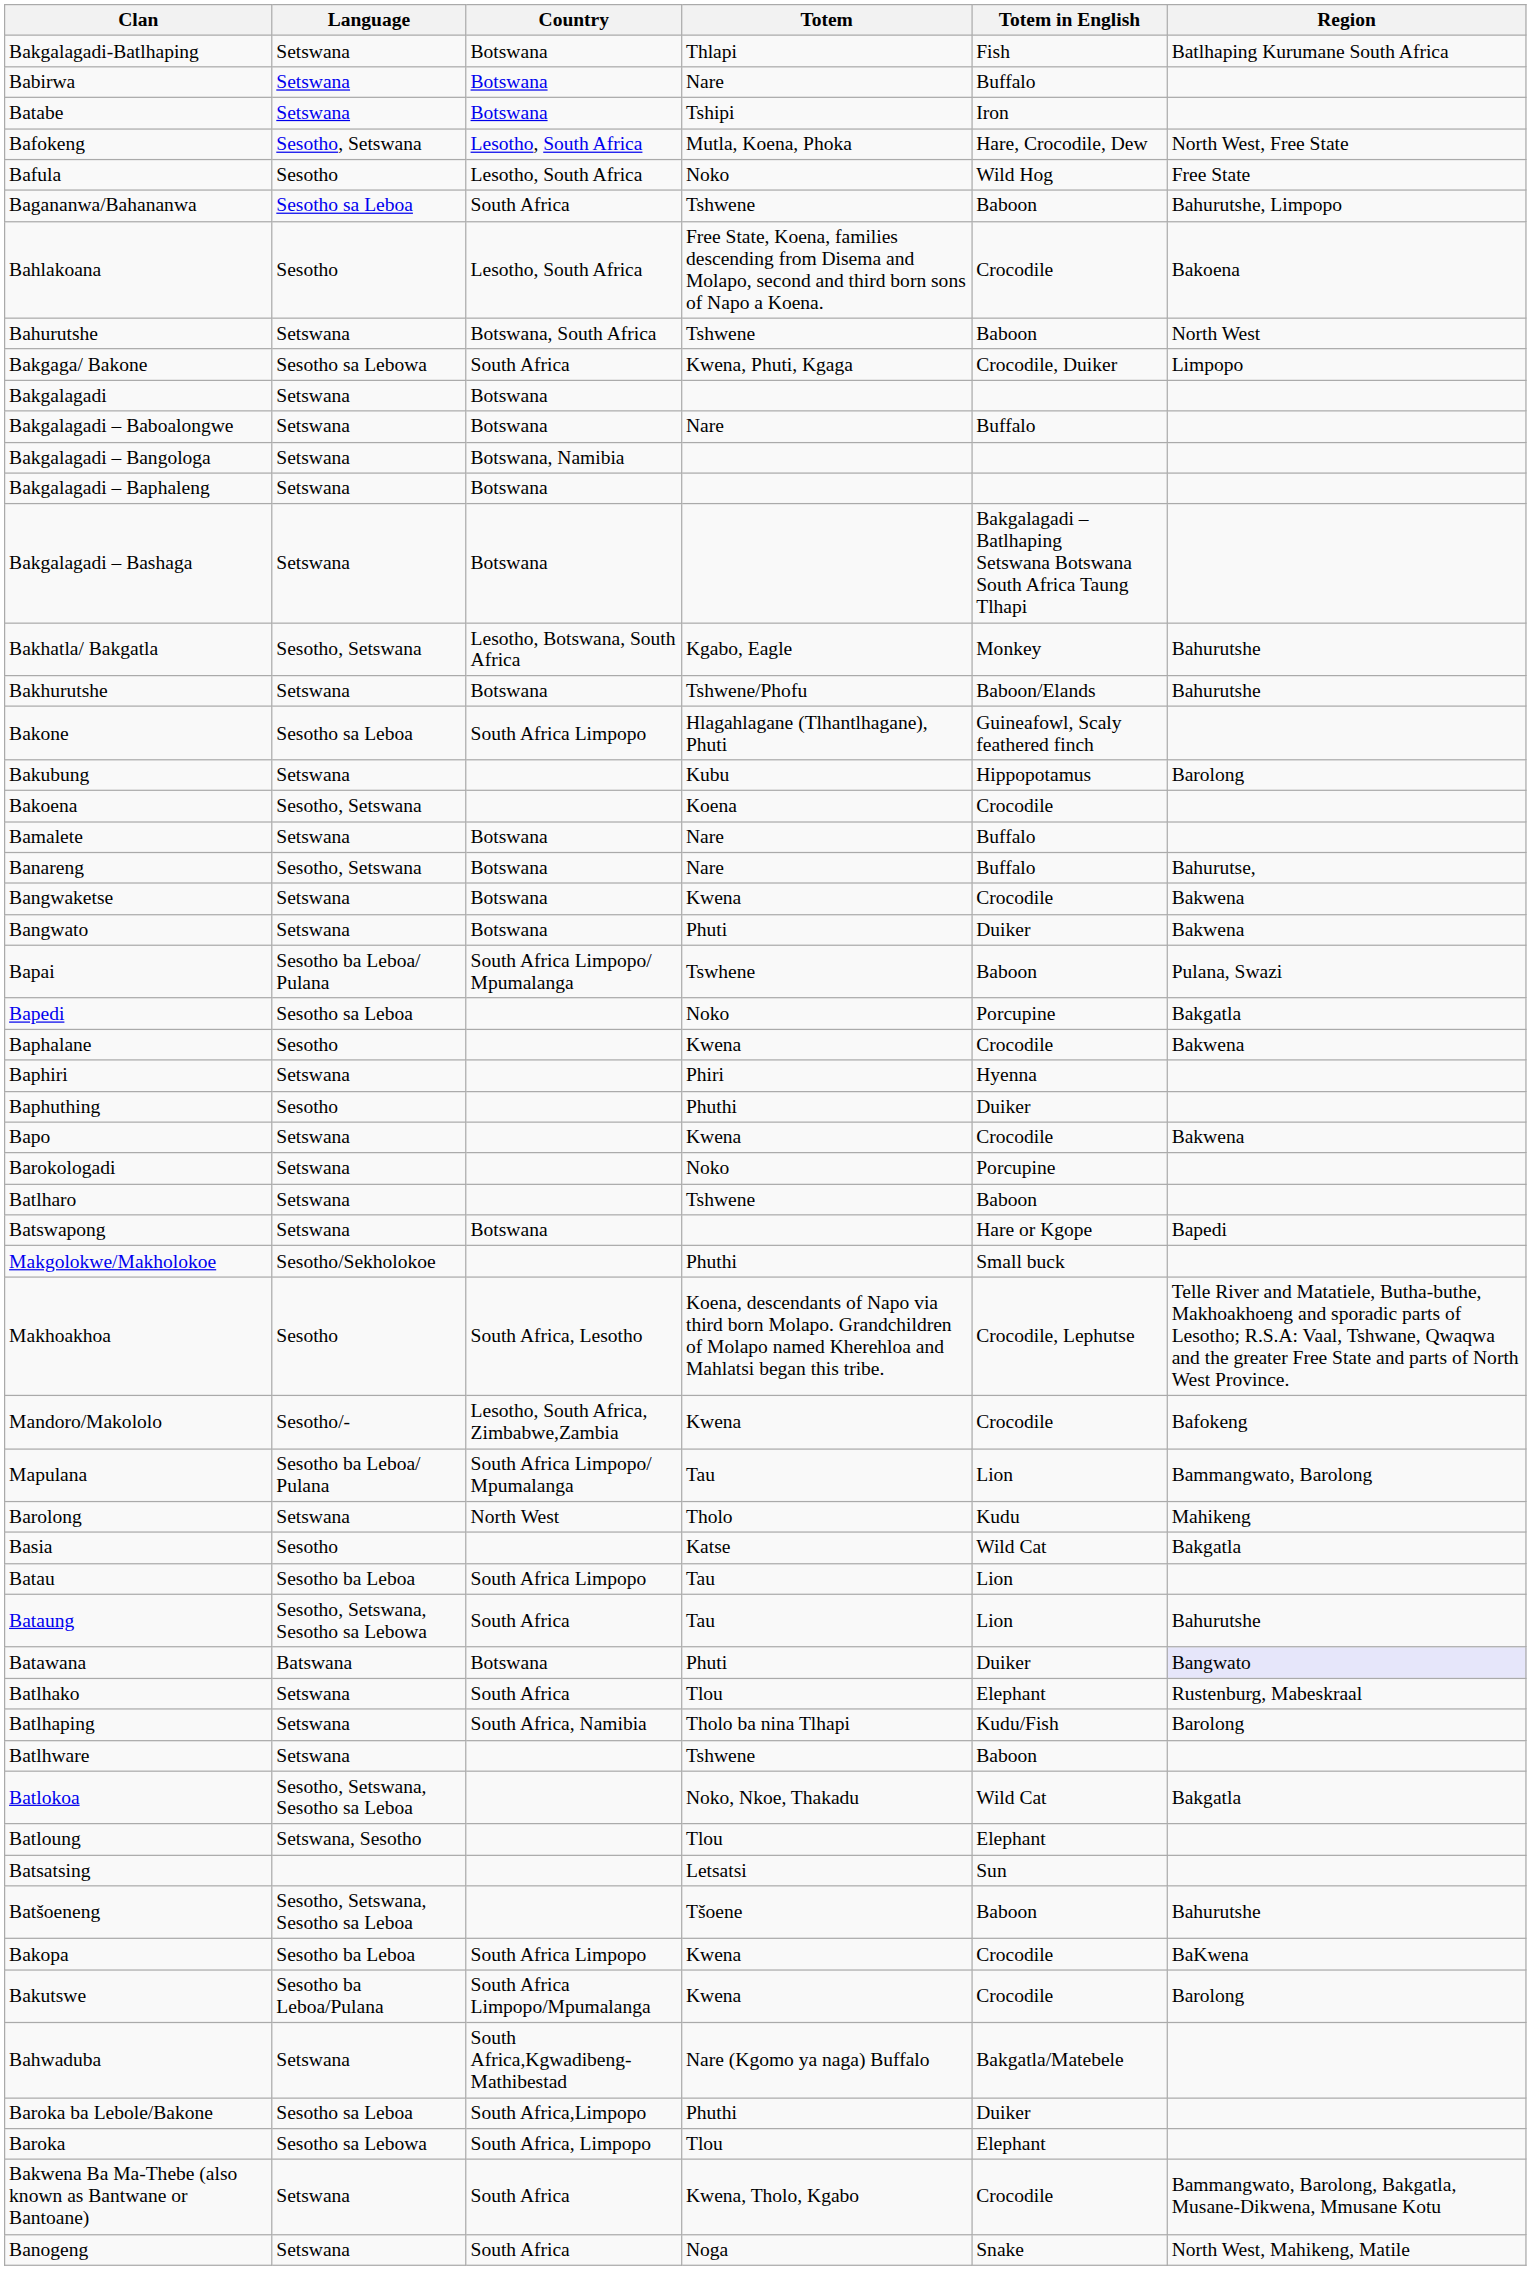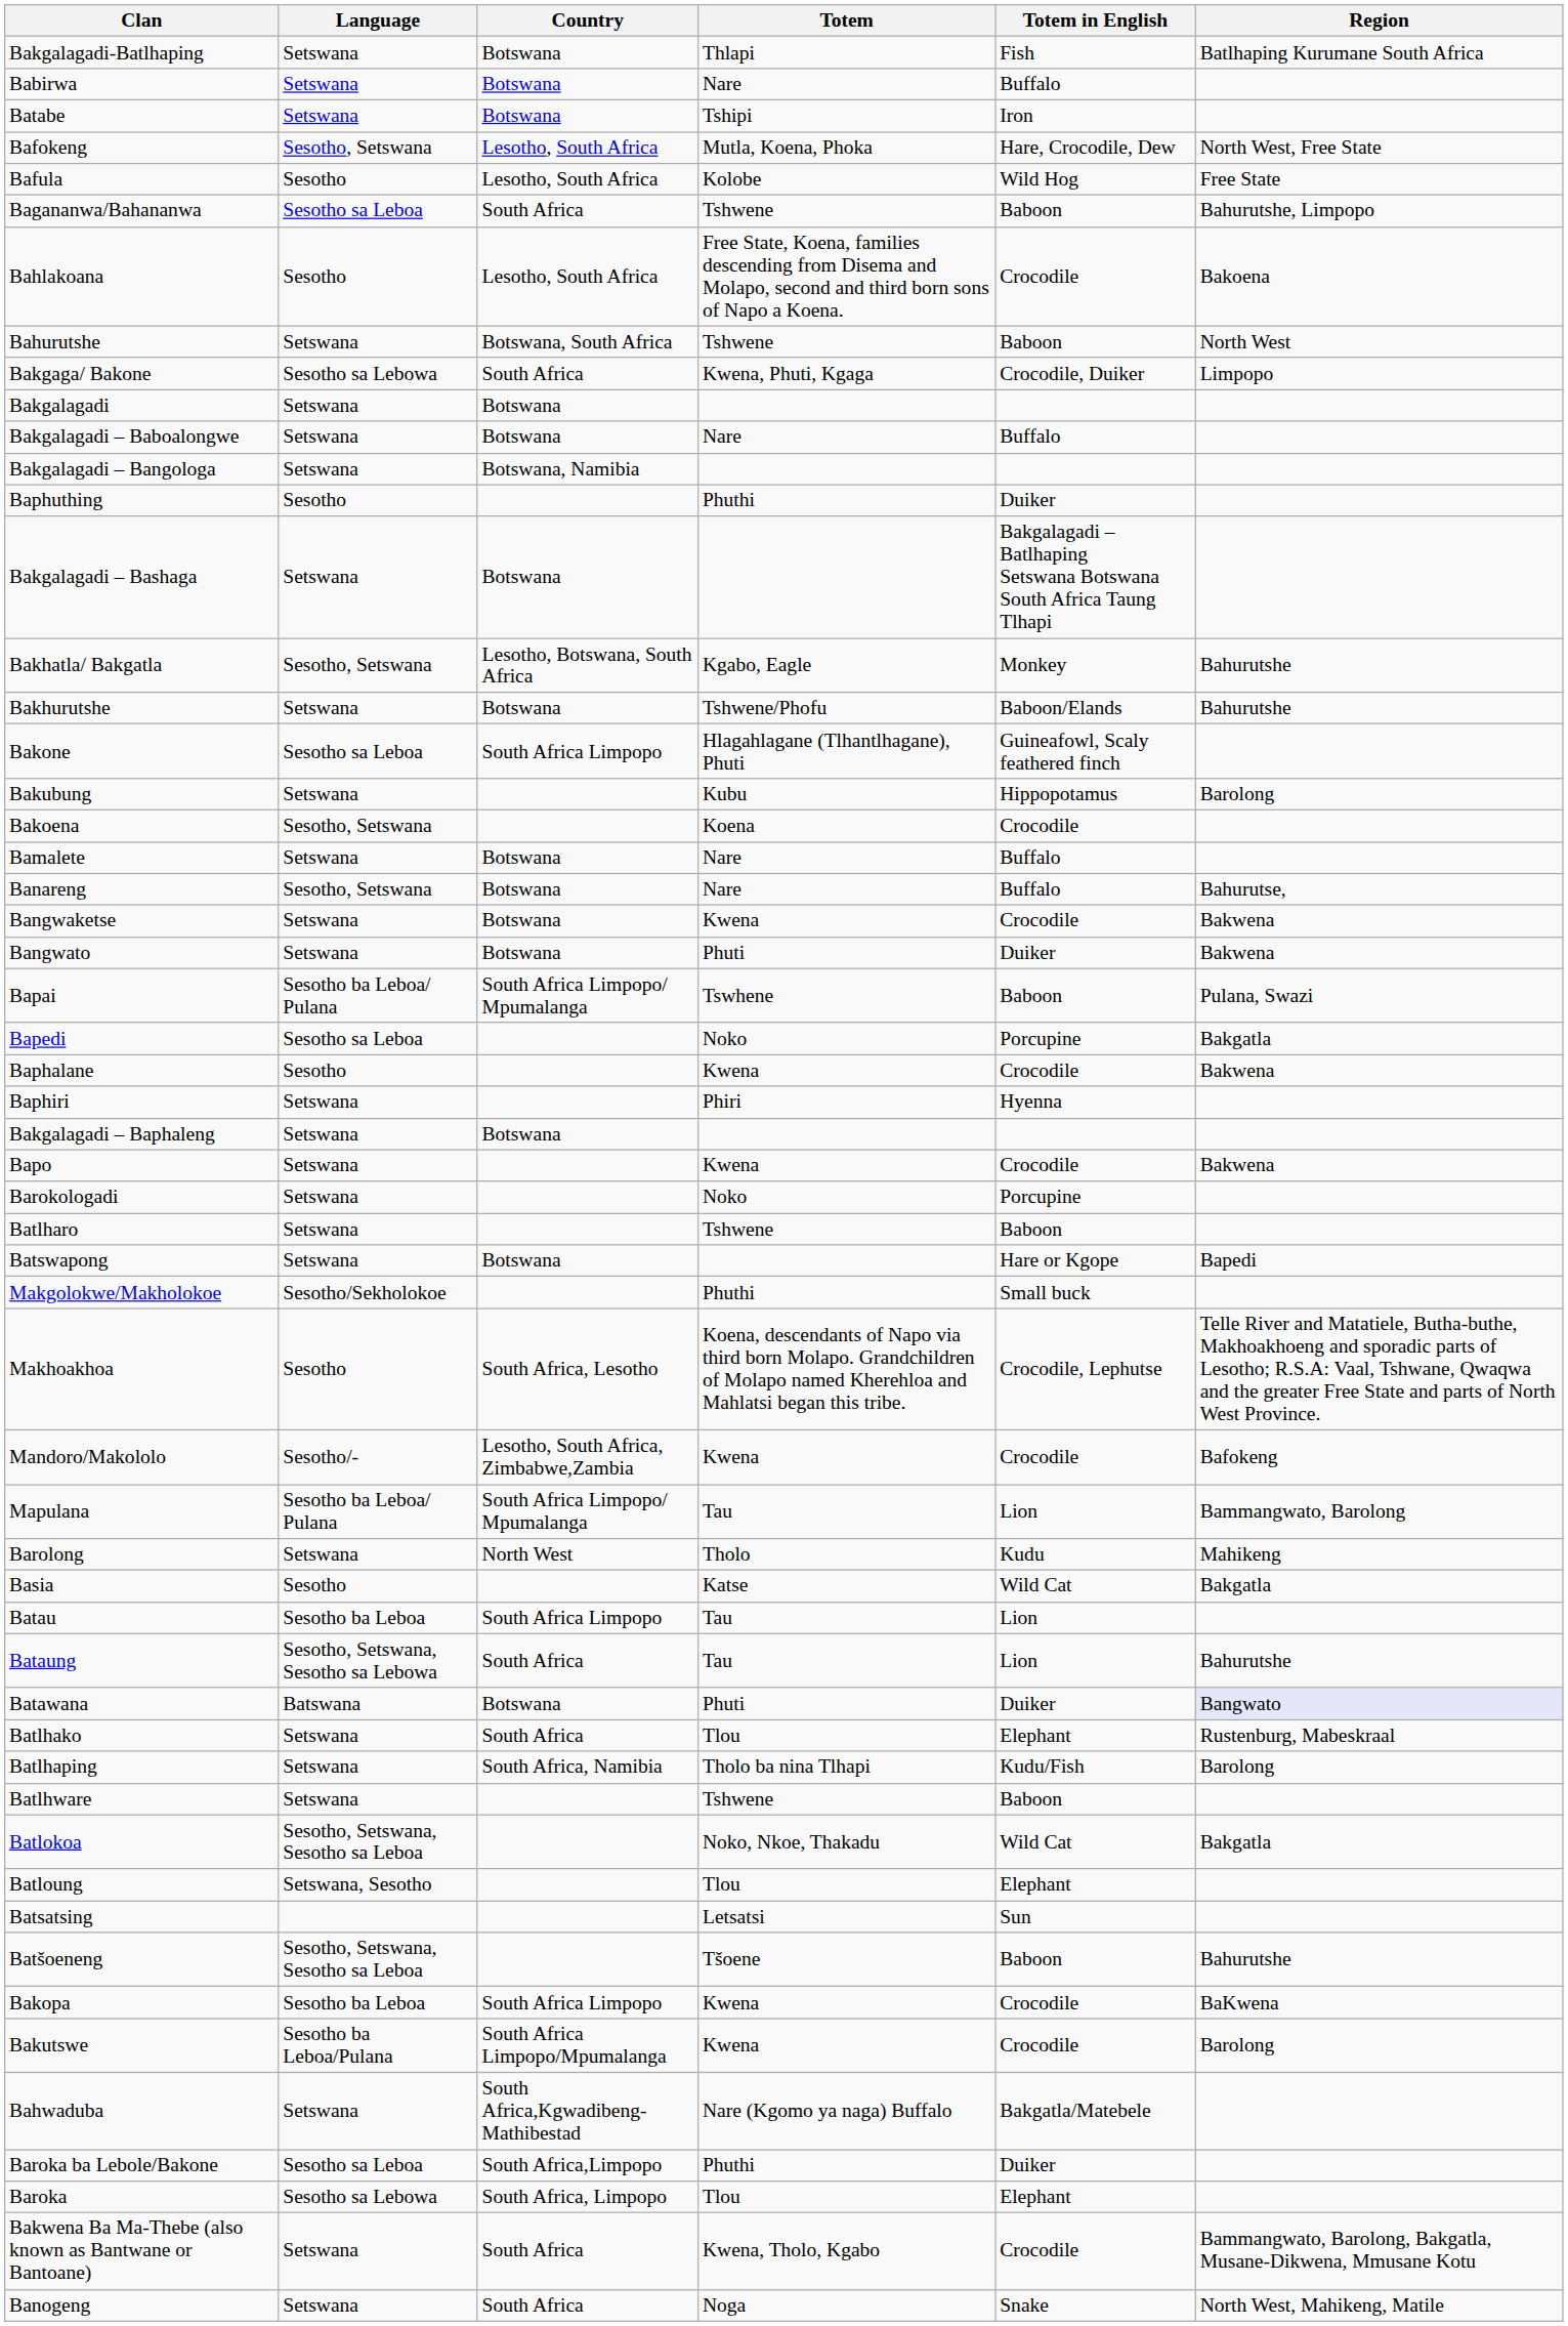 <table class="wikitable sortable" border="1">
 <tr>
 <th>Clan</th>
 <th>Language</th>
 <th>Country</th>
 <th>Totem</th>
 <th>Totem in English</th>
 <th>Region</th>
 </tr>
 <tr>
 <td>Bakgalagadi-Batlhaping</td>
 <td>Setswana</td>
 <td>Botswana</td>
 <td>Thlapi</td>
 <td>Fish</td>
 <td>Batlhaping Kurumane South Africa</td>
 </tr>
 <tr>
 <td>Babirwa</td>
 <td><a href='#'>Setswana</a></td>
 <td><a href='#'>Botswana</a></td>
 <td>Nare</td>
 <td>Buffalo</td>
 <td></td>
 </tr>
 <tr>
 <td>Batabe</td>
 <td><a href='#'>Setswana</a></td>
 <td><a href='#'>Botswana</a></td>
 <td>Tshipi</td>
 <td>Iron</td>
 <td></td>
 </tr>
 <tr>
 <td>Bafokeng</td>
 <td><a href='#'>Sesotho</a>, Setswana</td>
 <td><a href='#'>Lesotho</a>, <a href='#'>South Africa</a></td>
 <td>Mutla, Koena, Phoka</td>
 <td>Hare, Crocodile, Dew</td>
 <td>North West, Free State</td>
 </tr>
 <tr>
 <td>Bafula</td>
 <td>Sesotho</td>
 <td>Lesotho, South Africa</td>
-<td>Noko</td>
+<td>Kolobe</td>
 <td>Wild Hog</td>
 <td>Free State</td>
 </tr>
 <tr>
 <td>Bagananwa/Bahananwa</td>
 <td><a href='#'>Sesotho sa Leboa</a></td>
 <td>South Africa</td>
 <td>Tshwene</td>
 <td>Baboon</td>
 <td>Bahurutshe, Limpopo</td>
 </tr>
 <tr>
 <td>Bahlakoana</td>
 <td>Sesotho</td>
 <td>Lesotho, South Africa</td>
 <td>Free State, Koena, families descending from Disema and Molapo, second and third born sons of Napo a Koena.</td>
 <td>Crocodile</td>
 <td>Bakoena</td>
 </tr>
 <tr>
 <td>Bahurutshe</td>
 <td>Setswana</td>
 <td>Botswana, South Africa</td>
 <td>Tshwene</td>
 <td>Baboon</td>
 <td>North West</td>
 </tr>
 <tr>
 <td>Bakgaga/ Bakone</td>
 <td>Sesotho sa Lebowa</td>
 <td>South Africa</td>
 <td>Kwena, Phuti, Kgaga</td>
 <td>Crocodile, Duiker</td>
 <td>Limpopo</td>
 </tr>
 <tr>
 <td>Bakgalagadi</td>
 <td>Setswana</td>
 <td>Botswana</td>
 <td></td>
 <td></td>
 <td></td>
 </tr>
 <tr>
 <td>Bakgalagadi – Baboalongwe</td>
 <td>Setswana</td>
 <td>Botswana</td>
 <td>Nare</td>
 <td>Buffalo</td>
 <td></td>
 </tr>
 <tr>
 <td>Bakgalagadi – Bangologa</td>
 <td>Setswana</td>
 <td>Botswana, Namibia</td>
 <td></td>
 <td></td>
 <td></td>
 </tr>
 <tr>
-<td>Bakgalagadi – Baphaleng</td>
-<td>Setswana</td>
-<td>Botswana</td>
+<td>Baphuthing</td>
+<td>Sesotho</td>
 <td></td>
-<td></td>
+<td>Phuthi</td>
+<td>Duiker</td>
 <td></td>
 </tr>
 <tr>
 <td>Bakgalagadi – Bashaga</td>
 <td>Setswana</td>
 <td>Botswana</td>
 <td></td>
 <td>Bakgalagadi – Batlhaping<br>Setswana Botswana  South Africa Taung  Tlhapi</td>
 <td></td>
 </tr>
 <tr>
 <td>Bakhatla/ Bakgatla</td>
 <td>Sesotho, Setswana</td>
 <td>Lesotho, Botswana, South Africa</td>
 <td>Kgabo, Eagle</td>
 <td>Monkey</td>
 <td>Bahurutshe</td>
 </tr>
 <tr>
 <td>Bakhurutshe</td>
 <td>Setswana</td>
 <td>Botswana</td>
 <td>Tshwene/Phofu</td>
 <td>Baboon/Elands</td>
 <td>Bahurutshe</td>
 </tr>
 <tr>
 <td>Bakone</td>
 <td>Sesotho sa Leboa</td>
 <td>South Africa Limpopo</td>
 <td>Hlagahlagane (Tlhantlhagane), Phuti</td>
 <td>Guineafowl, Scaly feathered finch</td>
 <td></td>
 </tr>
 <tr>
 <td>Bakubung</td>
 <td>Setswana</td>
 <td></td>
 <td>Kubu</td>
 <td>Hippopotamus</td>
 <td>Barolong</td>
 </tr>
 <tr>
 <td>Bakoena</td>
 <td>Sesotho, Setswana</td>
 <td></td>
 <td>Koena</td>
 <td>Crocodile</td>
 <td></td>
 </tr>
 <tr>
 <td>Bamalete</td>
 <td>Setswana</td>
 <td>Botswana</td>
 <td>Nare</td>
 <td>Buffalo</td>
 <td></td>
 </tr>
 <tr>
 <td>Banareng</td>
 <td>Sesotho, Setswana</td>
 <td>Botswana</td>
 <td>Nare</td>
 <td>Buffalo</td>
 <td>Bahurutse,</td>
 </tr>
 <tr>
 <td>Bangwaketse</td>
 <td>Setswana</td>
 <td>Botswana</td>
 <td>Kwena</td>
 <td>Crocodile</td>
 <td>Bakwena</td>
 </tr>
 <tr>
 <td>Bangwato</td>
 <td>Setswana</td>
 <td>Botswana</td>
 <td>Phuti</td>
 <td>Duiker</td>
 <td>Bakwena</td>
 </tr>
 <tr>
 <td>Bapai</td>
 <td>Sesotho ba Leboa/ Pulana</td>
 <td>South Africa Limpopo/ Mpumalanga</td>
 <td>Tswhene</td>
 <td>Baboon</td>
 <td>Pulana, Swazi</td>
 </tr>
 <tr>
 <td><a href='#'>Bapedi</a></td>
 <td>Sesotho sa Leboa</td>
 <td></td>
 <td>Noko</td>
 <td>Porcupine</td>
 <td>Bakgatla</td>
 </tr>
 <tr>
 <td>Baphalane</td>
 <td>Sesotho</td>
 <td></td>
 <td>Kwena</td>
 <td>Crocodile</td>
 <td>Bakwena</td>
 </tr>
 <tr>
 <td>Baphiri</td>
 <td>Setswana</td>
 <td></td>
 <td>Phiri</td>
 <td>Hyenna</td>
 <td></td>
 </tr>
 <tr>
-<td>Baphuthing</td>
-<td>Sesotho</td>
+<td>Bakgalagadi – Baphaleng</td>
+<td>Setswana</td>
+<td>Botswana</td>
 <td></td>
-<td>Phuthi</td>
-<td>Duiker</td>
+<td></td>
 <td></td>
 </tr>
 <tr>
 <td>Bapo</td>
 <td>Setswana</td>
 <td></td>
 <td>Kwena</td>
 <td>Crocodile</td>
 <td>Bakwena</td>
 </tr>
 <tr>
 <td>Barokologadi</td>
 <td>Setswana</td>
 <td></td>
 <td>Noko</td>
 <td>Porcupine</td>
 <td></td>
 </tr>
 <tr>
 <td>Batlharo</td>
 <td>Setswana</td>
 <td></td>
 <td>Tshwene</td>
 <td>Baboon</td>
 <td></td>
 </tr>
 <tr>
 <td>Batswapong</td>
 <td>Setswana</td>
 <td>Botswana</td>
 <td></td>
 <td>Hare or Kgope</td>
 <td>Bapedi</td>
 </tr>
 <tr>
 <td><a href='#'>Makgolokwe/Makholokoe</a></td>
 <td>Sesotho/Sekholokoe</td>
 <td></td>
 <td>Phuthi</td>
 <td>Small buck</td>
 <td></td>
 </tr>
 <tr>
 <td>Makhoakhoa</td>
 <td>Sesotho</td>
 <td>South Africa, Lesotho</td>
 <td>Koena, descendants of Napo via third born Molapo. Grandchildren of Molapo named Kherehloa and Mahlatsi began this tribe.</td>
 <td>Crocodile, Lephutse</td>
 <td>Telle River and Matatiele, Butha-buthe, Makhoakhoeng and sporadic parts of Lesotho; R.S.A: Vaal, Tshwane, Qwaqwa and the greater Free State and parts of North West Province.</td>
 </tr>
 <tr>
 <td>Mandoro/Makololo</td>
 <td>Sesotho/-</td>
 <td>Lesotho, South Africa, Zimbabwe,Zambia</td>
 <td>Kwena</td>
 <td>Crocodile</td>
 <td>Bafokeng</td>
 </tr>
 <tr>
 <td>Mapulana</td>
 <td>Sesotho ba Leboa/ Pulana</td>
 <td>South Africa Limpopo/ Mpumalanga</td>
 <td>Tau</td>
 <td>Lion</td>
 <td>Bammangwato, Barolong</td>
 </tr>
 <tr>
 <td>Barolong</td>
 <td>Setswana</td>
 <td>North West</td>
 <td>Tholo</td>
 <td>Kudu</td>
 <td>Mahikeng</td>
 </tr>
 <tr>
 <td>Basia</td>
 <td>Sesotho</td>
 <td></td>
 <td>Katse</td>
 <td>Wild Cat</td>
 <td>Bakgatla</td>
 </tr>
 <tr>
 <td>Batau</td>
 <td>Sesotho ba Leboa</td>
 <td>South Africa Limpopo</td>
 <td>Tau</td>
 <td>Lion</td>
 <td></td>
 </tr>
 <tr>
 <td><a href='#'>Bataung</a></td>
 <td>Sesotho, Setswana, Sesotho sa Lebowa</td>
 <td>South Africa</td>
 <td>Tau</td>
 <td>Lion</td>
 <td>Bahurutshe</td>
 </tr>
 <tr>
 <td>Batawana</td>
 <td>Batswana</td>
 <td>Botswana</td>
 <td>Phuti</td>
 <td>Duiker</td>
 <td style="background: lavender;">Bangwato</td>
 </tr>
 <tr>
 <td>Batlhako</td>
 <td>Setswana</td>
 <td>South Africa</td>
 <td>Tlou</td>
 <td>Elephant</td>
 <td>Rustenburg, Mabeskraal</td>
 </tr>
 <tr>
 <td>Batlhaping</td>
 <td>Setswana</td>
 <td>South Africa, Namibia</td>
 <td>Tholo ba nina Tlhapi</td>
 <td>Kudu/Fish</td>
 <td>Barolong</td>
 </tr>
 <tr>
 <td>Batlhware</td>
 <td>Setswana</td>
 <td></td>
 <td>Tshwene</td>
 <td>Baboon</td>
 <td></td>
 </tr>
 <tr>
 <td><a href='#'>Batlokoa</a></td>
 <td>Sesotho, Setswana, Sesotho sa Leboa</td>
 <td></td>
 <td>Noko, Nkoe, Thakadu</td>
 <td>Wild Cat</td>
 <td>Bakgatla</td>
 </tr>
 <tr>
 <td>Batloung</td>
 <td>Setswana, Sesotho</td>
 <td></td>
 <td>Tlou</td>
 <td>Elephant</td>
 <td></td>
 </tr>
 <tr>
 <td>Batsatsing</td>
 <td></td>
 <td></td>
 <td>Letsatsi</td>
 <td>Sun</td>
 <td></td>
 </tr>
 <tr>
 <td>Batšoeneng</td>
 <td>Sesotho, Setswana, Sesotho sa Leboa</td>
 <td></td>
 <td>Tšoene</td>
 <td>Baboon</td>
 <td>Bahurutshe</td>
 </tr>
 <tr>
 <td>Bakopa</td>
 <td>Sesotho ba Leboa</td>
 <td>South Africa Limpopo</td>
 <td>Kwena</td>
 <td>Crocodile</td>
 <td>BaKwena</td>
 </tr>
 <tr>
 <td>Bakutswe</td>
 <td>Sesotho ba Leboa/Pulana</td>
 <td>South Africa Limpopo/Mpumalanga</td>
 <td>Kwena</td>
 <td>Crocodile</td>
 <td>Barolong</td>
 </tr>
 <tr>
 <td>Bahwaduba</td>
 <td>Setswana</td>
 <td>South Africa,Kgwadibeng-Mathibestad</td>
 <td>Nare (Kgomo ya naga) Buffalo</td>
 <td>Bakgatla/Matebele</td>
 <td></td>
 </tr>
 <tr>
 <td>Baroka ba Lebole/Bakone</td>
 <td>Sesotho sa Leboa</td>
 <td>South Africa,Limpopo</td>
 <td>Phuthi</td>
 <td>Duiker</td>
 <td></td>
 </tr>
 <tr>
 <td>Baroka</td>
 <td>Sesotho sa Lebowa</td>
 <td>South Africa, Limpopo</td>
 <td>Tlou</td>
 <td>Elephant</td>
 <td></td>
 </tr>
 <tr>
 <td>Bakwena Ba Ma-Thebe (also known as Bantwane or Bantoane)</td>
 <td>Setswana</td>
 <td>South Africa</td>
 <td>Kwena, Tholo, Kgabo</td>
 <td>Crocodile</td>
 <td>Bammangwato, Barolong, Bakgatla, Musane-Dikwena, Mmusane Kotu</td>
 </tr>
 <tr>
 <td>Banogeng</td>
 <td>Setswana</td>
 <td>South Africa</td>
 <td>Noga</td>
 <td>Snake</td>
 <td>North West, Mahikeng, Matile</td>
 </tr>
 </table>
